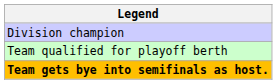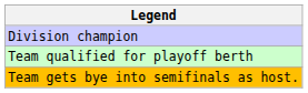 <table class="wikitable">
 <tr>
 <th>Legend</th>
 </tr>
 <tr style="background:#ccf;">
 <td>Division champion</td>
 </tr>
 <tr style="background:#cfc;">
 <td>Team qualified for playoff berth</td>
 </tr>
 <tr style="background:#FFBF00;">
-<td><strong>Team gets bye into semifinals as host.</strong></td>
+<td>Team gets bye into semifinals as host.</td>
 </tr>
 </table>
